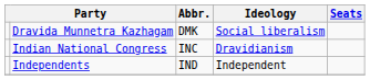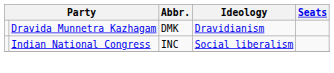 <table class="wikitable sortable" style="font-size:99%">
 <tr>
 <th colspan="2">Party</th>
 <th>Abbr.</th>
 <th>Ideology</th>
 <th><a href='#'>Seats</a></th>
 </tr>
 <tr>
 <td style="background-color: "></td>
 <td><a href='#'>Dravida Munnetra Kazhagam</a></td>
 <td>DMK</td>
-<td><a href='#'>Social liberalism</a></td>
+<td><a href='#'>Dravidianism</a></td>
 <td></td>
 </tr>
 <tr>
 <td style="background-color: "></td>
 <td><a href='#'>Indian National Congress</a></td>
 <td>INC</td>
-<td><a href='#'>Dravidianism</a></td>
-<td></td>
-</tr>
-<tr>
-<td style="background-color: "></td>
-<td><a href='#'>Independents</a></td>
-<td>IND</td>
-<td>Independent</td>
+<td><a href='#'>Social liberalism</a></td>
 <td></td>
 </tr>
 <tr>
 </tr>
 </table>
